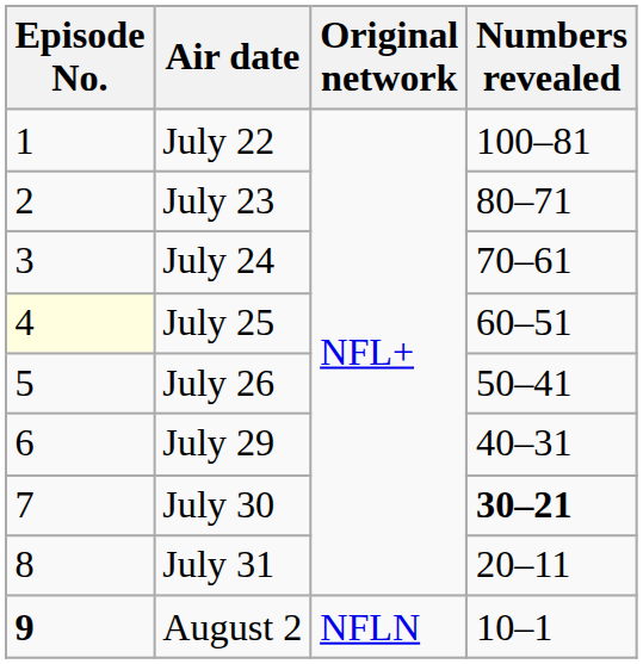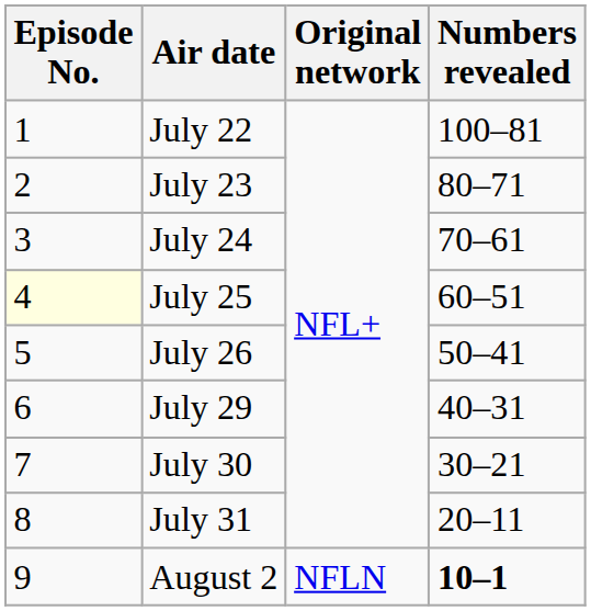 <table class="wikitable">
 <tr>
 <th>Episode<br>No.</th>
 <th>Air date</th>
 <th>Original<br>network</th>
 <th>Numbers<br>revealed</th>
 </tr>
 <tr>
 <td>1</td>
 <td>July 22</td>
 <td rowspan=8><a href='#'>NFL+</a></td>
 <td>100–81</td>
 </tr>
 <tr>
 <td>2</td>
 <td>July 23</td>
 <td>80–71</td>
 </tr>
 <tr>
 <td>3</td>
 <td>July 24</td>
 <td>70–61</td>
 </tr>
 <tr>
 <td style="background: lightyellow;">4</td>
 <td>July 25</td>
 <td>60–51</td>
 </tr>
 <tr>
 <td>5</td>
 <td>July 26</td>
 <td>50–41</td>
 </tr>
 <tr>
 <td>6</td>
 <td>July 29</td>
 <td>40–31</td>
 </tr>
 <tr>
 <td>7</td>
 <td>July 30</td>
-<td><strong>30–21</strong></td>
+<td>30–21</td>
 </tr>
 <tr>
 <td>8</td>
 <td>July 31</td>
 <td>20–11</td>
 </tr>
 <tr>
-<td><strong>9</strong></td>
+<td>9</td>
 <td>August 2</td>
 <td><a href='#'>NFLN</a></td>
-<td>10–1</td>
+<td><strong>10–1</strong></td>
 </tr>
 </table>
